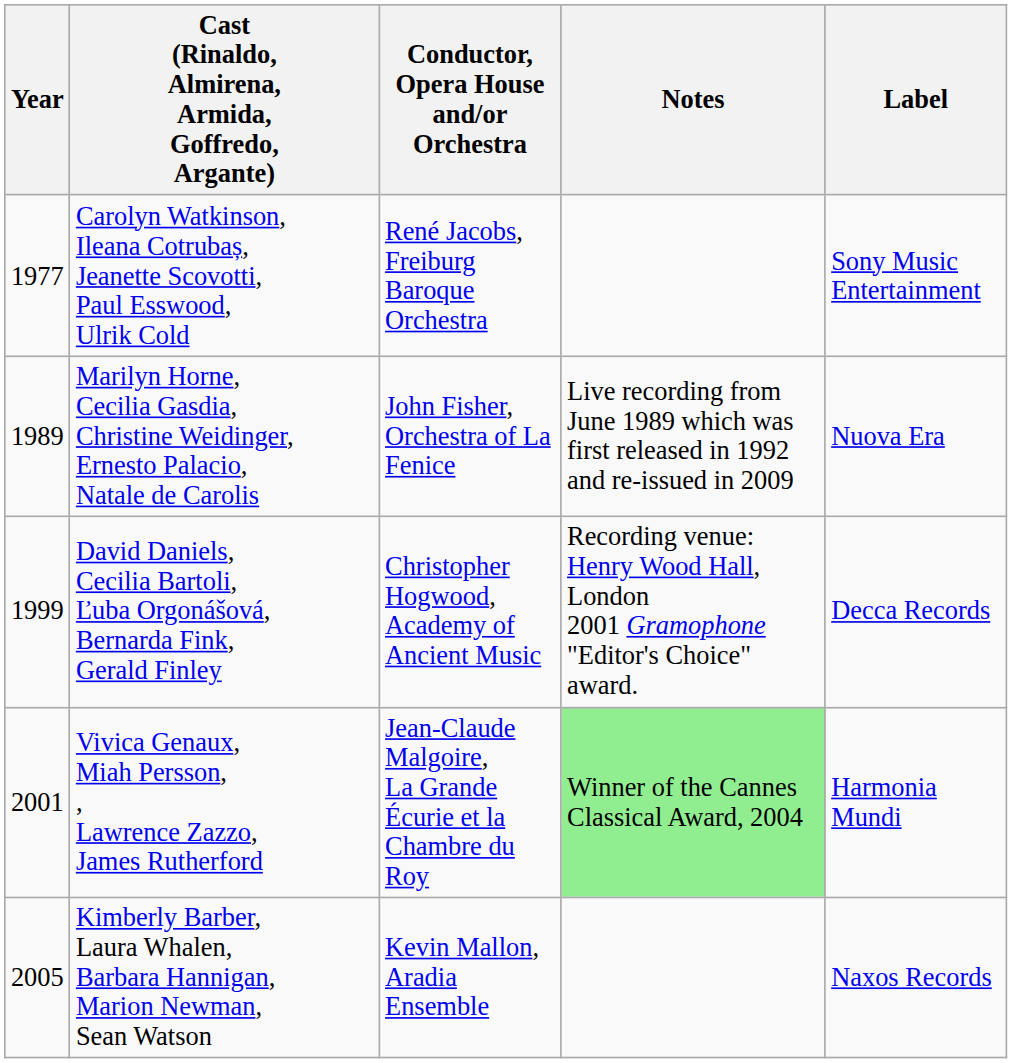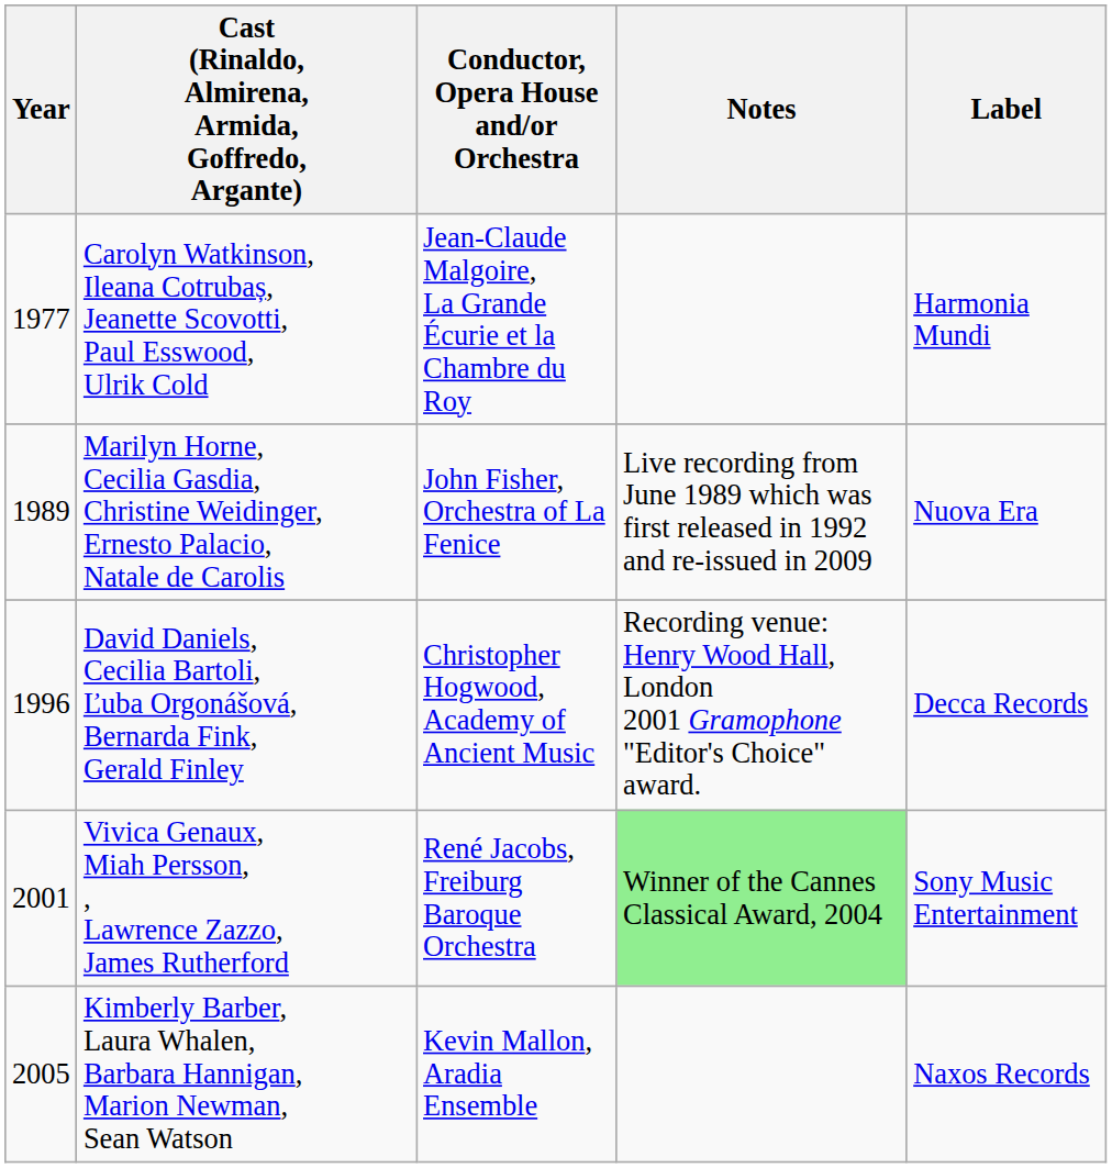 <table class="wikitable">
 <tr>
 <th>Year</th>
 <th width="180">Cast<br>(Rinaldo,<br>Almirena,<br>Armida,<br>Goffredo,<br>Argante)</th>
 <th>Conductor,<br>Opera House and/or Orchestra</th>
 <th>Notes</th>
 <th>Label</th>
 </tr>
 <tr>
 <td>1977</td>
 <td><a href='#'>Carolyn Watkinson</a>,<br><a href='#'>Ileana Cotrubaș</a>,<br> <a href='#'>Jeanette Scovotti</a>,<br> <a href='#'>Paul Esswood</a>,<br> <a href='#'>Ulrik Cold</a></td>
-<td><a href='#'>René Jacobs</a>,<br><a href='#'>Freiburg Baroque Orchestra</a></td>
+<td><a href='#'>Jean-Claude Malgoire</a>,<br><a href='#'>La Grande Écurie et la Chambre du Roy</a></td>
 <td></td>
-<td><a href='#'>Sony Music Entertainment</a></td>
+<td><a href='#'>Harmonia Mundi</a></td>
 </tr>
 <tr>
 <td>1989</td>
 <td><a href='#'>Marilyn Horne</a>,<br><a href='#'>Cecilia Gasdia</a>,<br> <a href='#'>Christine Weidinger</a>,<br> <a href='#'>Ernesto Palacio</a>,<br> <a href='#'>Natale de Carolis</a></td>
 <td><a href='#'>John Fisher</a>,<br><a href='#'>Orchestra of La Fenice</a></td>
 <td>Live recording from June 1989 which was first released in 1992 and re-issued in 2009</td>
 <td><a href='#'>Nuova Era</a></td>
 </tr>
 <tr>
-<td>1999</td>
+<td>1996</td>
 <td><a href='#'>David Daniels</a>,<br><a href='#'>Cecilia Bartoli</a>,<br><a href='#'>Ľuba Orgonášová</a>,<br><a href='#'>Bernarda Fink</a>,<br><a href='#'>Gerald Finley</a></td>
 <td><a href='#'>Christopher Hogwood</a>,<br><a href='#'>Academy of Ancient Music</a></td>
 <td>Recording venue: <a href='#'>Henry Wood Hall</a>, London<br>2001 <em><a href='#'>Gramophone</a></em> "Editor's Choice" award.</td>
 <td><a href='#'>Decca Records</a></td>
 </tr>
 <tr>
 <td>2001</td>
 <td><a href='#'>Vivica Genaux</a>,<br><a href='#'>Miah Persson</a>,<br>,<br><a href='#'>Lawrence Zazzo</a>,<br><a href='#'>James Rutherford</a></td>
-<td><a href='#'>Jean-Claude Malgoire</a>,<br><a href='#'>La Grande Écurie et la Chambre du Roy</a></td>
+<td><a href='#'>René Jacobs</a>,<br><a href='#'>Freiburg Baroque Orchestra</a></td>
 <td style="background: lightgreen;">Winner of the Cannes Classical Award, 2004</td>
-<td><a href='#'>Harmonia Mundi</a></td>
+<td><a href='#'>Sony Music Entertainment</a></td>
 </tr>
 <tr>
 <td>2005</td>
 <td><a href='#'>Kimberly Barber</a>,<br>Laura Whalen,<br><a href='#'>Barbara Hannigan</a>,<br><a href='#'>Marion Newman</a>,<br>Sean Watson</td>
 <td><a href='#'>Kevin Mallon</a>,<br><a href='#'>Aradia Ensemble</a></td>
 <td></td>
 <td><a href='#'>Naxos Records</a></td>
 </tr>
 </table>
